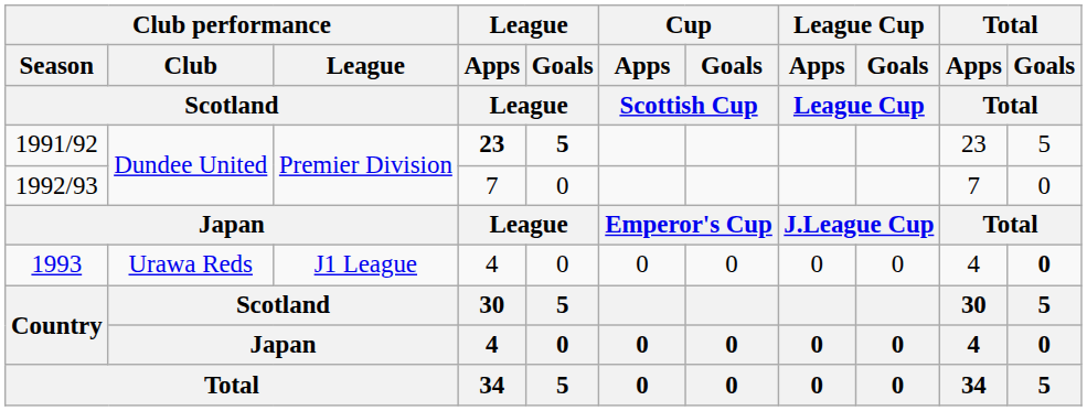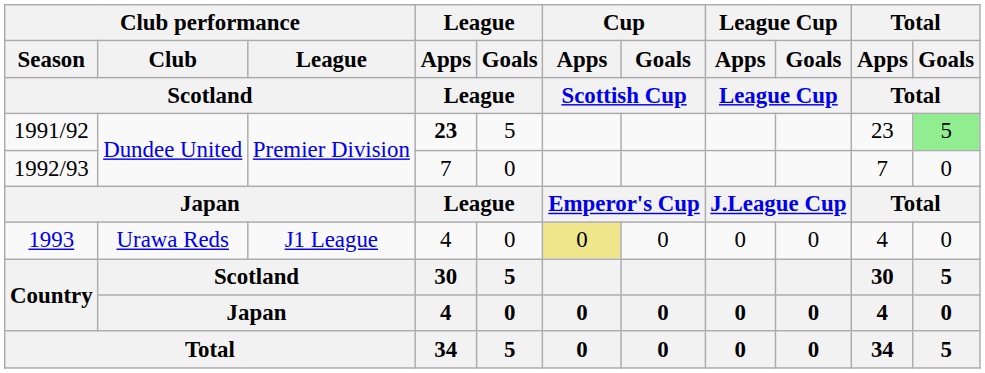 <table class="wikitable" style="text-align:center;">
 <tr>
 <th colspan=3>Club performance</th>
 <th colspan=2>League</th>
 <th colspan=2>Cup</th>
 <th colspan=2>League Cup</th>
 <th colspan=2>Total</th>
 </tr>
 <tr>
 <th>Season</th>
 <th>Club</th>
 <th>League</th>
 <th>Apps</th>
 <th>Goals</th>
 <th>Apps</th>
 <th>Goals</th>
 <th>Apps</th>
 <th>Goals</th>
 <th>Apps</th>
 <th>Goals</th>
 </tr>
 <tr>
 <th colspan=3>Scotland</th>
 <th colspan=2>League</th>
 <th colspan=2><a href='#'>Scottish Cup</a></th>
 <th colspan=2><a href='#'>League Cup</a></th>
 <th colspan=2>Total</th>
 </tr>
 <tr>
 <td>1991/92</td>
 <td rowspan="2"><a href='#'>Dundee United</a></td>
 <td rowspan="2"><a href='#'>Premier Division</a></td>
 <td><strong>23</strong></td>
-<td><strong>5</strong></td>
+<td>5</td>
 <td></td>
 <td></td>
 <td></td>
 <td></td>
 <td>23</td>
-<td>5</td>
+<td style="background: lightgreen;">5</td>
 </tr>
 <tr>
 <td>1992/93</td>
 <td>7</td>
 <td>0</td>
 <td></td>
 <td></td>
 <td></td>
 <td></td>
 <td>7</td>
 <td>0</td>
 </tr>
 <tr>
 <th colspan=3>Japan</th>
 <th colspan=2>League</th>
 <th colspan=2><a href='#'>Emperor's Cup</a></th>
 <th colspan=2><a href='#'>J.League Cup</a></th>
 <th colspan=2>Total</th>
 </tr>
 <tr>
 <td><a href='#'>1993</a></td>
 <td><a href='#'>Urawa Reds</a></td>
 <td><a href='#'>J1 League</a></td>
 <td>4</td>
 <td>0</td>
-<td>0</td>
+<td style="background: khaki;">0</td>
 <td>0</td>
 <td>0</td>
 <td>0</td>
 <td>4</td>
-<td><strong>0</strong></td>
+<td>0</td>
 </tr>
 <tr>
 <th rowspan=2>Country</th>
 <th colspan=2>Scotland</th>
 <th>30</th>
 <th>5</th>
 <th></th>
 <th></th>
 <th></th>
 <th></th>
 <th>30</th>
 <th>5</th>
 </tr>
 <tr>
 <th colspan=2>Japan</th>
 <th>4</th>
 <th>0</th>
 <th>0</th>
 <th>0</th>
 <th>0</th>
 <th>0</th>
 <th>4</th>
 <th>0</th>
 </tr>
 <tr>
 <th colspan=3>Total</th>
 <th>34</th>
 <th>5</th>
 <th>0</th>
 <th>0</th>
 <th>0</th>
 <th>0</th>
 <th>34</th>
 <th>5</th>
 </tr>
 </table>
